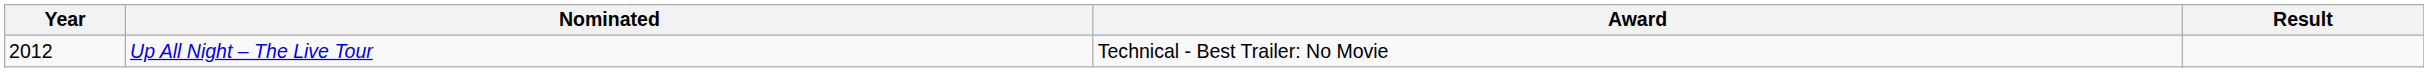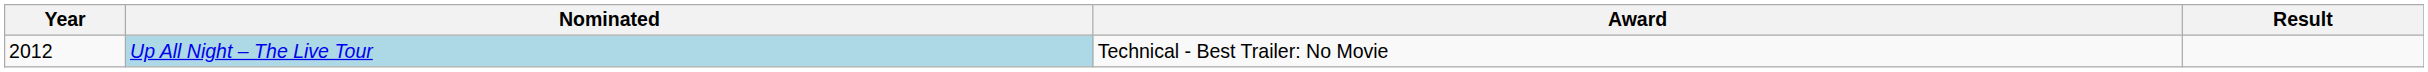 <table class="wikitable" style="width:100%;">
 <tr>
 <th width=5%>Year</th>
 <th style="width:40%;">Nominated</th>
 <th style="width:45%;">Award</th>
 <th style="width:10%;">Result</th>
 </tr>
 <tr>
 <td>2012</td>
-<td><em><a href='#'>Up All Night – The Live Tour</a></em></td>
+<td style="background: lightblue;"><em><a href='#'>Up All Night – The Live Tour</a></em></td>
 <td>Technical - Best Trailer: No Movie</td>
 <td></td>
 </tr>
 </table>
